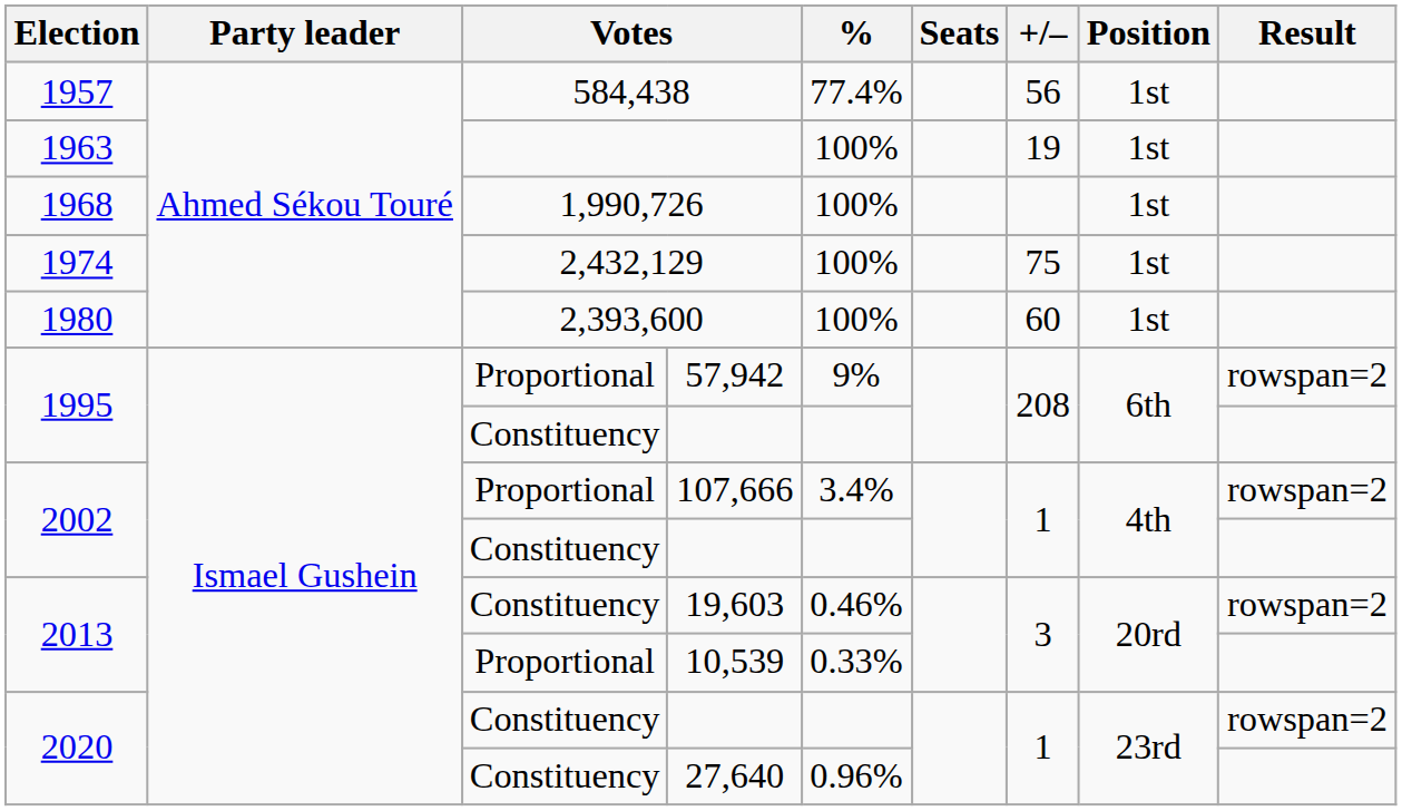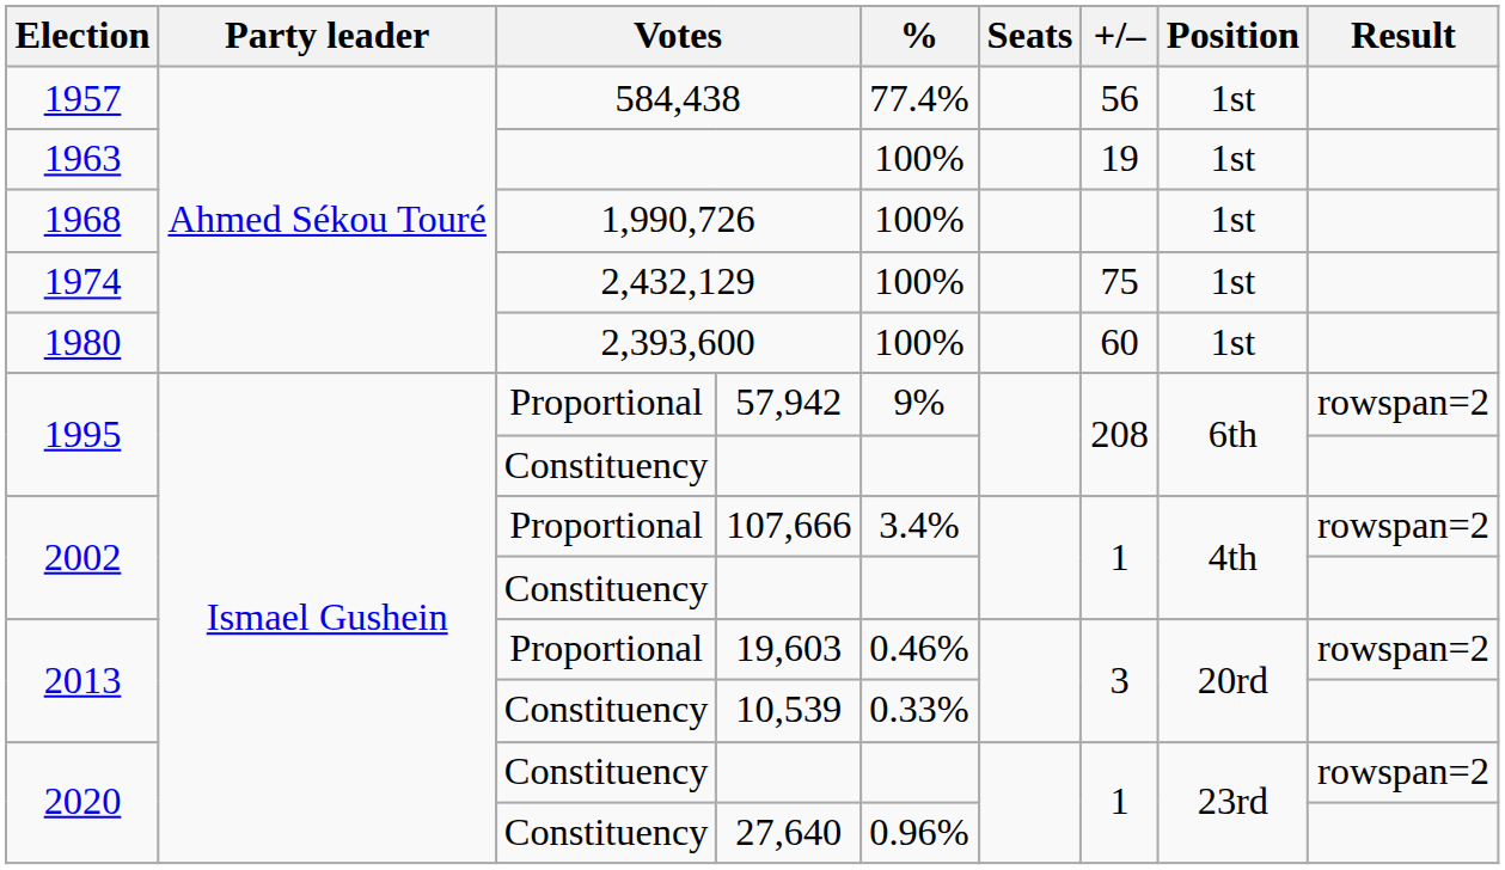 <table class="wikitable" style="text-align:center">
 <tr>
 <th>Election</th>
 <th>Party leader</th>
 <th colspan=2>Votes</th>
 <th>%</th>
 <th>Seats</th>
 <th>+/–</th>
 <th>Position</th>
 <th>Result</th>
 </tr>
 <tr>
 <td><a href='#'>1957</a></td>
 <td rowspan=5><a href='#'>Ahmed Sékou Touré</a></td>
 <td colspan=2>584,438</td>
 <td>77.4%</td>
 <td></td>
 <td> 56</td>
 <td> 1st</td>
 <td></td>
 </tr>
 <tr>
 <td><a href='#'>1963</a></td>
 <td colspan=2></td>
 <td>100%</td>
 <td></td>
 <td> 19</td>
 <td> 1st</td>
 <td></td>
 </tr>
 <tr>
 <td><a href='#'>1968</a></td>
 <td colspan=2>1,990,726</td>
 <td>100%</td>
 <td></td>
 <td></td>
 <td> 1st</td>
 <td></td>
 </tr>
 <tr>
 <td><a href='#'>1974</a></td>
 <td colspan=2>2,432,129</td>
 <td>100%</td>
 <td></td>
 <td> 75</td>
 <td> 1st</td>
 <td></td>
 </tr>
 <tr>
 <td><a href='#'>1980</a></td>
 <td colspan=2>2,393,600</td>
 <td>100%</td>
 <td></td>
 <td> 60</td>
 <td> 1st</td>
 <td></td>
 </tr>
 <tr>
 <td rowspan=2><a href='#'>1995</a></td>
 <td rowspan=8><a href='#'>Ismael Gushein</a></td>
 <td>Proportional</td>
 <td>57,942</td>
 <td>9%</td>
 <td rowspan=2></td>
 <td rowspan=2> 208</td>
 <td rowspan=2> 6th</td>
 <td>rowspan=2 </td>
 </tr>
 <tr>
 <td>Constituency</td>
 <td></td>
 <td></td>
 </tr>
 <tr>
 <td rowspan=2><a href='#'>2002</a></td>
 <td>Proportional</td>
 <td>107,666</td>
 <td>3.4%</td>
 <td rowspan=2></td>
 <td rowspan=2> 1</td>
 <td rowspan=2> 4th</td>
 <td>rowspan=2 </td>
 </tr>
 <tr>
 <td>Constituency</td>
 <td></td>
 <td></td>
 </tr>
 <tr>
 <td rowspan=2><a href='#'>2013</a></td>
-<td>Constituency</td>
+<td>Proportional</td>
 <td>19,603</td>
 <td>0.46%</td>
 <td rowspan=2></td>
 <td rowspan=2> 3</td>
 <td rowspan=2> 20rd</td>
 <td>rowspan=2 </td>
 </tr>
 <tr>
-<td>Proportional</td>
+<td>Constituency</td>
 <td>10,539</td>
 <td>0.33%</td>
 </tr>
 <tr>
 <td rowspan=2><a href='#'>2020</a></td>
 <td>Constituency</td>
 <td></td>
 <td></td>
 <td rowspan=2></td>
 <td rowspan=2> 1</td>
 <td rowspan=2> 23rd</td>
 <td>rowspan=2 </td>
 </tr>
 <tr>
 <td>Constituency</td>
 <td>27,640</td>
 <td>0.96%</td>
 </tr>
 </table>
